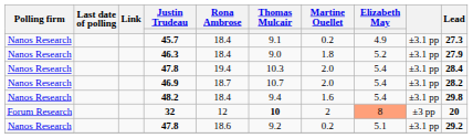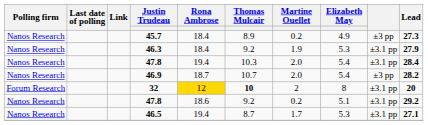 <table class="wikitable sortable mw-datatable" style="text-align:center;font-size:90%;line-height:14px;">
 <tr>
 <th rowspan="2">Polling firm</th>
 <th rowspan="2">Last date<br>of polling</th>
 <th rowspan="2">Link</th>
 <th class="unsortable" style="width:70px;"><a href='#'>Justin Trudeau</a></th>
 <th class="unsortable" style="width:70px;"><a href='#'>Rona Ambrose</a></th>
 <th class="unsortable" style="width:70px;"><a href='#'>Thomas Mulcair</a></th>
 <th class="unsortable" style="width:70px;"><a href='#'>Martine Ouellet</a></th>
 <th class="unsortable" style="width:70px;"><a href='#'>Elizabeth May</a></th>
 <th rowspan="2"></th>
 <th rowspan="2">Lead</th>
 </tr>
 <tr style="background:#e9e9e9;">
 <th style="background-color:"></th>
 <th style="background-color:"></th>
 <th style="background-color:"></th>
 <th style="background-color:"></th>
 <th style="background-color:"></th>
 </tr>
 <tr>
 <td><a href='#'>Nanos Research</a></td>
 <td></td>
 <td></td>
 <td><strong>45.7</strong></td>
 <td>18.4</td>
-<td>9.1</td>
+<td>8.9</td>
 <td>0.2</td>
 <td>4.9</td>
-<td>±3.1 pp</td>
+<td>±3 pp</td>
 <td><strong>27.3</strong></td>
 </tr>
 <tr>
 <td><a href='#'>Nanos Research</a></td>
 <td></td>
 <td></td>
 <td><strong>46.3</strong></td>
 <td>18.4</td>
-<td>9.0</td>
-<td>1.8</td>
-<td>5.2</td>
+<td>9.2</td>
+<td>1.9</td>
+<td>5.3</td>
 <td>±3.1 pp</td>
 <td><strong>27.9</strong></td>
 </tr>
 <tr>
 <td><a href='#'>Nanos Research</a></td>
 <td></td>
 <td></td>
 <td><strong>47.8</strong></td>
 <td>19.4</td>
 <td>10.3</td>
 <td>2.0</td>
 <td>5.4</td>
 <td>±3.1 pp</td>
 <td><strong>28.4</strong></td>
 </tr>
 <tr>
 <td><a href='#'>Nanos Research</a></td>
 <td></td>
 <td></td>
 <td><strong>46.9</strong></td>
 <td>18.7</td>
 <td>10.7</td>
 <td>2.0</td>
 <td>5.4</td>
-<td>±3.1 pp</td>
+<td>±3 pp</td>
 <td><strong>28.2</strong></td>
-</tr>
-<tr>
-<td><a href='#'>Nanos Research</a></td>
-<td></td>
-<td></td>
-<td><strong>48.2</strong></td>
-<td>18.4</td>
-<td>9.4</td>
-<td>1.6</td>
-<td>5.4</td>
-<td>±3.1 pp</td>
-<td><strong>29.8</strong></td>
 </tr>
 <tr>
 <td><a href='#'>Forum Research</a></td>
 <td></td>
 <td></td>
 <td><strong>32</strong></td>
-<td>12</td>
+<td style="background: gold;">12</td>
 <td><strong>10</strong></td>
 <td>2</td>
-<td style="background: lightsalmon;">8</td>
-<td>±3 pp</td>
+<td>8</td>
+<td>±3.1 pp</td>
 <td><strong>20</strong></td>
 </tr>
 <tr>
 <td><a href='#'>Nanos Research</a></td>
 <td></td>
 <td></td>
 <td><strong>47.8</strong></td>
 <td>18.6</td>
 <td>9.2</td>
 <td>0.2</td>
 <td>5.1</td>
 <td>±3.1 pp</td>
 <td><strong>29.2</strong></td>
 </tr>
 <tr>
+<td><a href='#'>Nanos Research</a></td>
+<td></td>
+<td></td>
+<td><strong>46.5</strong></td>
+<td>19.4</td>
+<td>8.7</td>
+<td>1.7</td>
+<td>5.3</td>
+<td>±3.1 pp</td>
+<td><strong>27.1</strong></td>
+</tr>
+<tr>
 </tr>
 </table>
